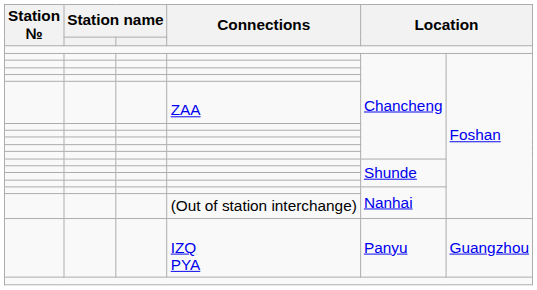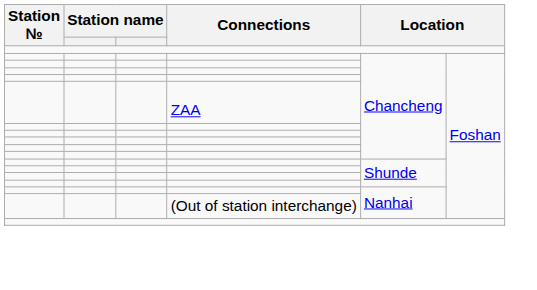 <table class="wikitable">
 <tr>
 <th rowspan=2>Station<br>№</th>
 <th colspan=2>Station name</th>
 <th rowspan=2>Connections</th>
 <th colspan=2 rowspan=2>Location</th>
 </tr>
 <tr>
 <th></th>
 <th></th>
 </tr>
 <tr style="background:#">
 <td colspan=6></td>
 </tr>
 <tr>
 <td></td>
 <td></td>
 <td></td>
 <td></td>
 <td rowspan=10><a href='#'>Chancheng</a></td>
 <td rowspan=16><a href='#'>Foshan</a></td>
 </tr>
 <tr>
 <td></td>
 <td></td>
 <td></td>
 <td></td>
 </tr>
 <tr>
 <td></td>
 <td></td>
 <td></td>
 <td></td>
 </tr>
 <tr>
 <td></td>
 <td></td>
 <td></td>
 <td></td>
 </tr>
 <tr>
 <td></td>
 <td></td>
 <td></td>
 <td><br> <a href='#'>ZAA</a></td>
 </tr>
 <tr>
 <td></td>
 <td></td>
 <td></td>
 <td></td>
 </tr>
 <tr>
 <td></td>
 <td></td>
 <td></td>
 <td></td>
 </tr>
 <tr>
 <td></td>
 <td></td>
 <td></td>
 <td> </td>
 </tr>
 <tr>
 <td></td>
 <td></td>
 <td></td>
 <td></td>
 </tr>
 <tr>
 <td></td>
 <td></td>
 <td></td>
 <td> </td>
 </tr>
 <tr>
 <td></td>
 <td></td>
 <td></td>
 <td></td>
 <td rowspan=4><a href='#'>Shunde</a></td>
 </tr>
 <tr>
 <td></td>
 <td></td>
 <td></td>
 <td></td>
 </tr>
 <tr>
 <td></td>
 <td></td>
 <td></td>
 <td></td>
 </tr>
 <tr>
 <td></td>
 <td></td>
 <td></td>
 <td></td>
 </tr>
 <tr>
 <td></td>
 <td></td>
 <td></td>
 <td> </td>
 <td rowspan=2><a href='#'>Nanhai</a></td>
 </tr>
 <tr>
 <td></td>
 <td></td>
 <td></td>
 <td><s></s>  (Out of station interchange) <br></td>
 </tr>
-<tr>
-<td></td>
-<td></td>
-<td></td>
-<td>      <br> <a href='#'>IZQ</a> <br> <a href='#'>PYA</a>  </td>
-<td><a href='#'>Panyu</a></td>
-<td><a href='#'>Guangzhou</a></td>
-</tr>
 <tr style="background:#">
 <td colspan=6></td>
 </tr>
 </table>
